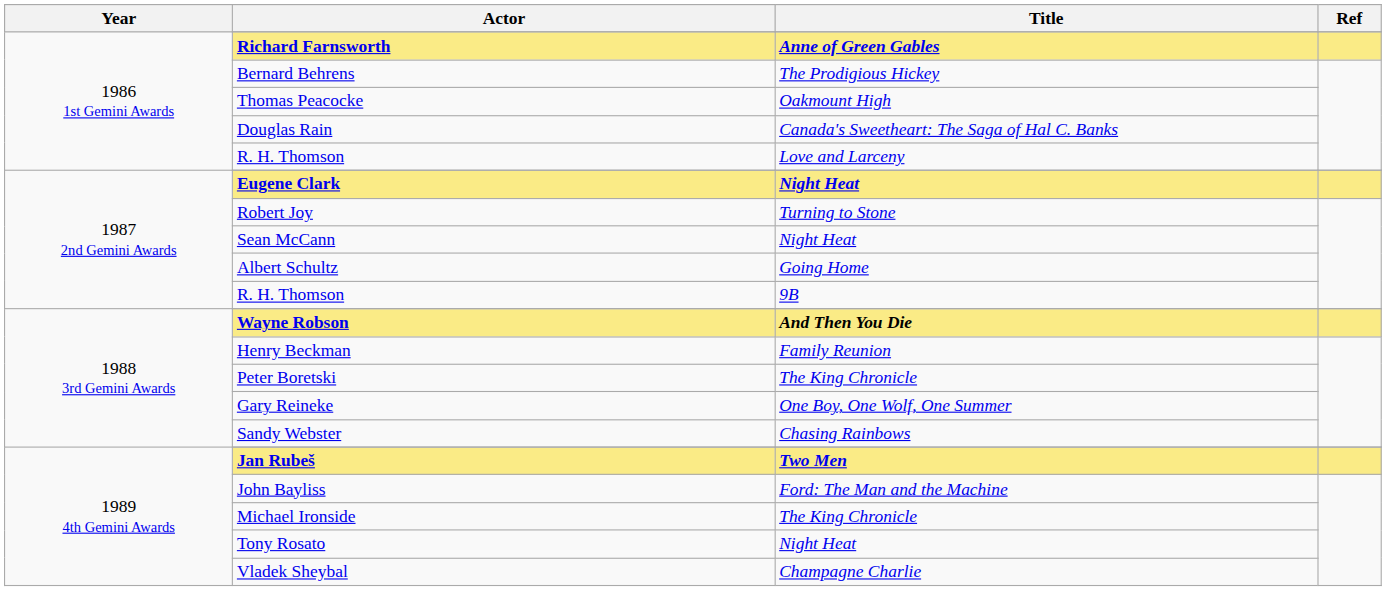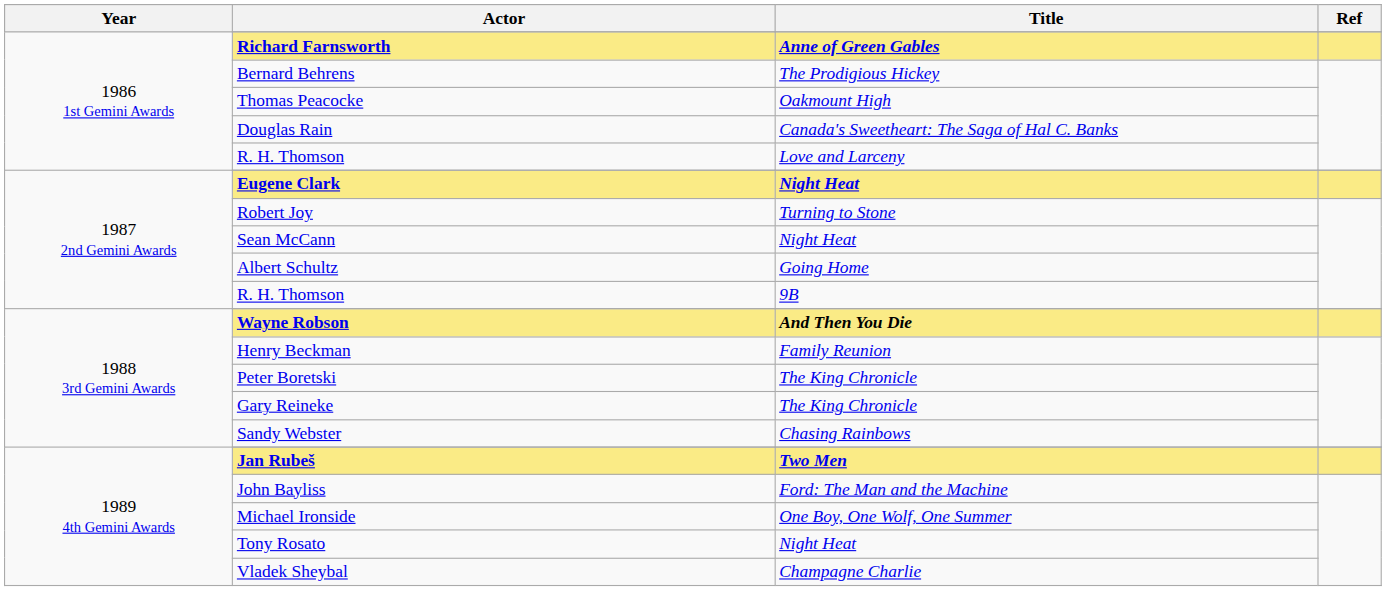 <table class="wikitable" style="width:100%;">
 <tr style="background:#bebebe;">
 <th style="width:8%;">Year</th>
 <th style="width:19%;">Actor</th>
 <th style="width:19%;">Title</th>
 <th style="width:2%;">Ref</th>
 </tr>
 <tr>
 <td rowspan="6" align="center">1986 <br> <small><a href='#'>1st Gemini Awards</a></small></td>
 </tr>
 <tr style="background:#FAEB86;">
 <td><strong><a href='#'>Richard Farnsworth</a></strong></td>
 <td><strong><em><a href='#'>Anne of Green Gables</a></em></strong></td>
 <td></td>
 </tr>
 <tr>
 <td><a href='#'>Bernard Behrens</a></td>
 <td><em><a href='#'>The Prodigious Hickey</a></em></td>
 <td rowspan=4></td>
 </tr>
 <tr>
 <td><a href='#'>Thomas Peacocke</a></td>
 <td><em><a href='#'>Oakmount High</a></em></td>
 </tr>
 <tr>
 <td><a href='#'>Douglas Rain</a></td>
 <td><em><a href='#'>Canada's Sweetheart: The Saga of Hal C. Banks</a></em></td>
 </tr>
 <tr>
 <td><a href='#'>R. H. Thomson</a></td>
 <td><em><a href='#'>Love and Larceny</a></em></td>
 </tr>
 <tr>
 <td rowspan="6" align="center">1987 <br> <small><a href='#'>2nd Gemini Awards</a></small></td>
 </tr>
 <tr style="background:#FAEB86;">
 <td><strong><a href='#'>Eugene Clark</a></strong></td>
 <td><strong><em><a href='#'>Night Heat</a></em></strong></td>
 <td></td>
 </tr>
 <tr>
 <td><a href='#'>Robert Joy</a></td>
 <td><em><a href='#'>Turning to Stone</a></em></td>
 <td rowspan=4></td>
 </tr>
 <tr>
 <td><a href='#'>Sean McCann</a></td>
 <td><em><a href='#'>Night Heat</a></em></td>
 </tr>
 <tr>
 <td><a href='#'>Albert Schultz</a></td>
 <td><em><a href='#'>Going Home</a></em></td>
 </tr>
 <tr>
 <td><a href='#'>R. H. Thomson</a></td>
 <td><em><a href='#'>9B</a></em></td>
 </tr>
 <tr>
 <td rowspan="6" align="center">1988 <br> <small><a href='#'>3rd Gemini Awards</a></small></td>
 </tr>
 <tr style="background:#FAEB86;">
 <td><strong><a href='#'>Wayne Robson</a></strong></td>
 <td><strong><em>And Then You Die</em></strong></td>
 <td></td>
 </tr>
 <tr>
 <td><a href='#'>Henry Beckman</a></td>
 <td><em><a href='#'>Family Reunion</a></em></td>
 <td rowspan=4></td>
 </tr>
 <tr>
 <td><a href='#'>Peter Boretski</a></td>
 <td><em><a href='#'>The King Chronicle</a></em></td>
 </tr>
 <tr>
 <td><a href='#'>Gary Reineke</a></td>
-<td><em><a href='#'>One Boy, One Wolf, One Summer</a></em></td>
+<td><em><a href='#'>The King Chronicle</a></em></td>
 </tr>
 <tr>
 <td><a href='#'>Sandy Webster</a></td>
 <td><em><a href='#'>Chasing Rainbows</a></em></td>
 </tr>
 <tr>
 <td rowspan="6" align="center">1989 <br> <small><a href='#'>4th Gemini Awards</a></small></td>
 </tr>
 <tr style="background:#FAEB86;">
 <td><strong><a href='#'>Jan Rubeš</a></strong></td>
 <td><strong><em><a href='#'>Two Men</a></em></strong></td>
 <td></td>
 </tr>
 <tr>
 <td><a href='#'>John Bayliss</a></td>
 <td><em><a href='#'>Ford: The Man and the Machine</a></em></td>
 <td rowspan=4></td>
 </tr>
 <tr>
 <td><a href='#'>Michael Ironside</a></td>
-<td><em><a href='#'>The King Chronicle</a></em></td>
+<td><em><a href='#'>One Boy, One Wolf, One Summer</a></em></td>
 </tr>
 <tr>
 <td><a href='#'>Tony Rosato</a></td>
 <td><em><a href='#'>Night Heat</a></em></td>
 </tr>
 <tr>
 <td><a href='#'>Vladek Sheybal</a></td>
 <td><em><a href='#'>Champagne Charlie</a></em></td>
 </tr>
 </table>
